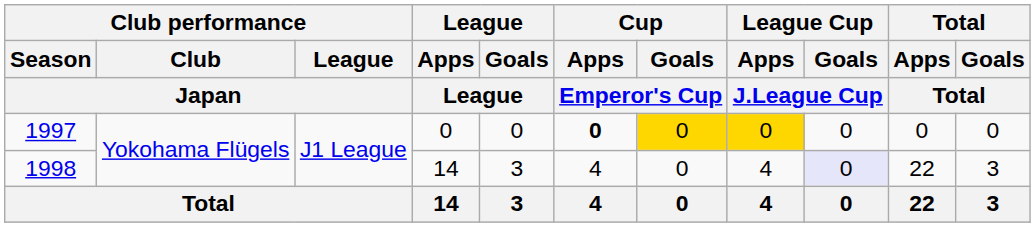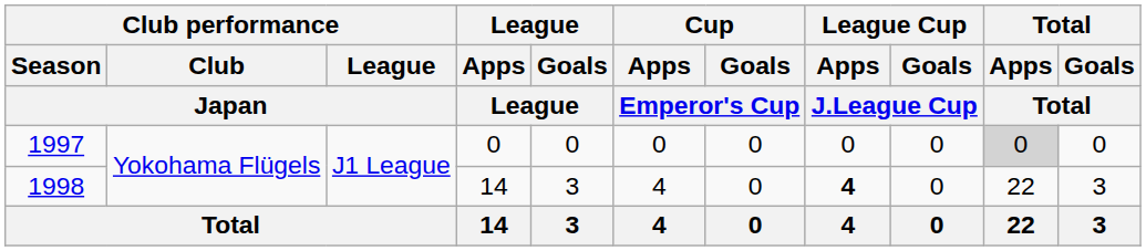 <table class="wikitable" style="text-align:center;">
 <tr>
 <th colspan=3>Club performance</th>
 <th colspan=2>League</th>
 <th colspan=2>Cup</th>
 <th colspan=2>League Cup</th>
 <th colspan=2>Total</th>
 </tr>
 <tr>
 <th>Season</th>
 <th>Club</th>
 <th>League</th>
 <th>Apps</th>
 <th>Goals</th>
 <th>Apps</th>
 <th>Goals</th>
 <th>Apps</th>
 <th>Goals</th>
 <th>Apps</th>
 <th>Goals</th>
 </tr>
 <tr>
 <th colspan=3>Japan</th>
 <th colspan=2>League</th>
 <th colspan=2><a href='#'>Emperor's Cup</a></th>
 <th colspan=2><a href='#'>J.League Cup</a></th>
 <th colspan=2>Total</th>
 </tr>
 <tr>
 <td><a href='#'>1997</a></td>
 <td rowspan="2"><a href='#'>Yokohama Flügels</a></td>
 <td rowspan="2"><a href='#'>J1 League</a></td>
 <td>0</td>
 <td>0</td>
-<td><strong>0</strong></td>
-<td style="background: gold;">0</td>
-<td style="background: gold;">0</td>
 <td>0</td>
 <td>0</td>
+<td>0</td>
+<td>0</td>
+<td style="background: lightgrey;">0</td>
 <td>0</td>
 </tr>
 <tr>
 <td><a href='#'>1998</a></td>
 <td>14</td>
 <td>3</td>
 <td>4</td>
 <td>0</td>
-<td>4</td>
-<td style="background: lavender;">0</td>
+<td><strong>4</strong></td>
+<td>0</td>
 <td>22</td>
 <td>3</td>
 </tr>
 <tr>
 <th colspan=3>Total</th>
 <th>14</th>
 <th>3</th>
 <th>4</th>
 <th>0</th>
 <th>4</th>
 <th>0</th>
 <th>22</th>
 <th>3</th>
 </tr>
 </table>
